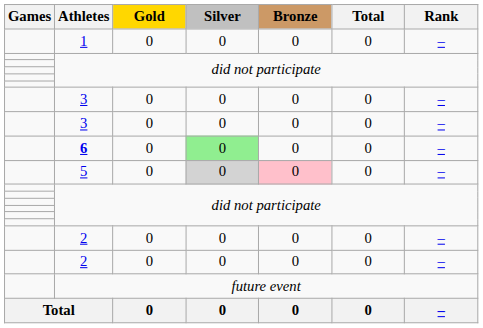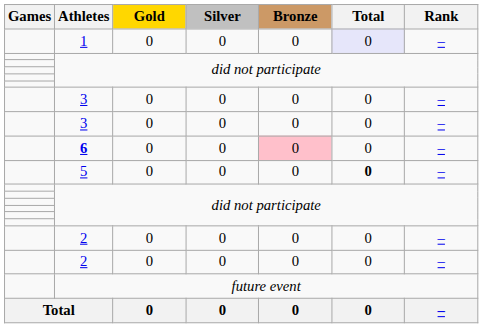 <table class="wikitable" style="text-align:center; font-size:90%;">
 <tr>
 <th>Games</th>
 <th>Athletes</th>
 <td style="background:gold; width:4.5em; font-weight:bold;">Gold</td>
 <td style="background:silver; width:4.5em; font-weight:bold;">Silver</td>
 <td style="background:#cc9966; width:4.5em; font-weight:bold;">Bronze</td>
 <th style="width:4.5em; font-weight:bold;">Total</th>
 <th style="width:4.5em; font-weight:bold;">Rank</th>
 </tr>
 <tr>
 <td align=left> </td>
 <td><a href='#'>1</a></td>
 <td>0</td>
 <td>0</td>
 <td>0</td>
-<td>0</td>
+<td style="background: lavender;">0</td>
 <td><a href='#'>–</a></td>
 </tr>
 <tr>
 <td align=left> </td>
 <td colspan=6; rowspan=5><em>did not participate</em></td>
 </tr>
 <tr>
 <td align=left> </td>
 </tr>
 <tr>
 <td align=left> </td>
 </tr>
 <tr>
 <td align=left> </td>
 </tr>
 <tr>
 <td align=left> </td>
 </tr>
 <tr>
 <td align=left> </td>
 <td><a href='#'>3</a></td>
 <td>0</td>
 <td>0</td>
 <td>0</td>
 <td>0</td>
 <td><a href='#'>–</a></td>
 </tr>
 <tr>
 <td align=left> </td>
 <td><a href='#'>3</a></td>
 <td>0</td>
 <td>0</td>
 <td>0</td>
 <td>0</td>
 <td><a href='#'>–</a></td>
 </tr>
 <tr>
 <td align=left> </td>
 <td><a href='#'><strong>6</strong></a></td>
 <td>0</td>
-<td style="background: lightgreen;">0</td>
 <td>0</td>
+<td style="background: pink;">0</td>
 <td>0</td>
 <td><a href='#'>–</a></td>
 </tr>
 <tr>
 <td align=left> </td>
 <td><a href='#'>5</a></td>
 <td>0</td>
-<td style="background: lightgrey;">0</td>
-<td style="background: pink;">0</td>
 <td>0</td>
+<td>0</td>
+<td><strong>0</strong></td>
 <td><a href='#'>–</a></td>
 </tr>
 <tr>
 <td align=left> </td>
 <td colspan=6; rowspan=6><em>did not participate</em></td>
 </tr>
 <tr>
 <td align=left> </td>
 </tr>
 <tr>
 <td align=left> </td>
 </tr>
 <tr>
 <td align=left> </td>
 </tr>
 <tr>
 <td align=left> </td>
 </tr>
 <tr>
 <td align=left> </td>
 </tr>
 <tr>
 <td align=left> </td>
 <td><a href='#'>2</a></td>
 <td>0</td>
 <td>0</td>
 <td>0</td>
 <td>0</td>
 <td><a href='#'>–</a></td>
 </tr>
 <tr>
 <td align=left> </td>
 <td><a href='#'>2</a></td>
 <td>0</td>
 <td>0</td>
 <td>0</td>
 <td>0</td>
 <td><a href='#'>–</a></td>
 </tr>
 <tr>
 <td align=left> </td>
 <td colspan=6><em>future event</em></td>
 </tr>
 <tr>
 <th colspan=2>Total</th>
 <th>0</th>
 <th>0</th>
 <th>0</th>
 <th>0</th>
 <th><a href='#'>–</a></th>
 </tr>
 </table>
